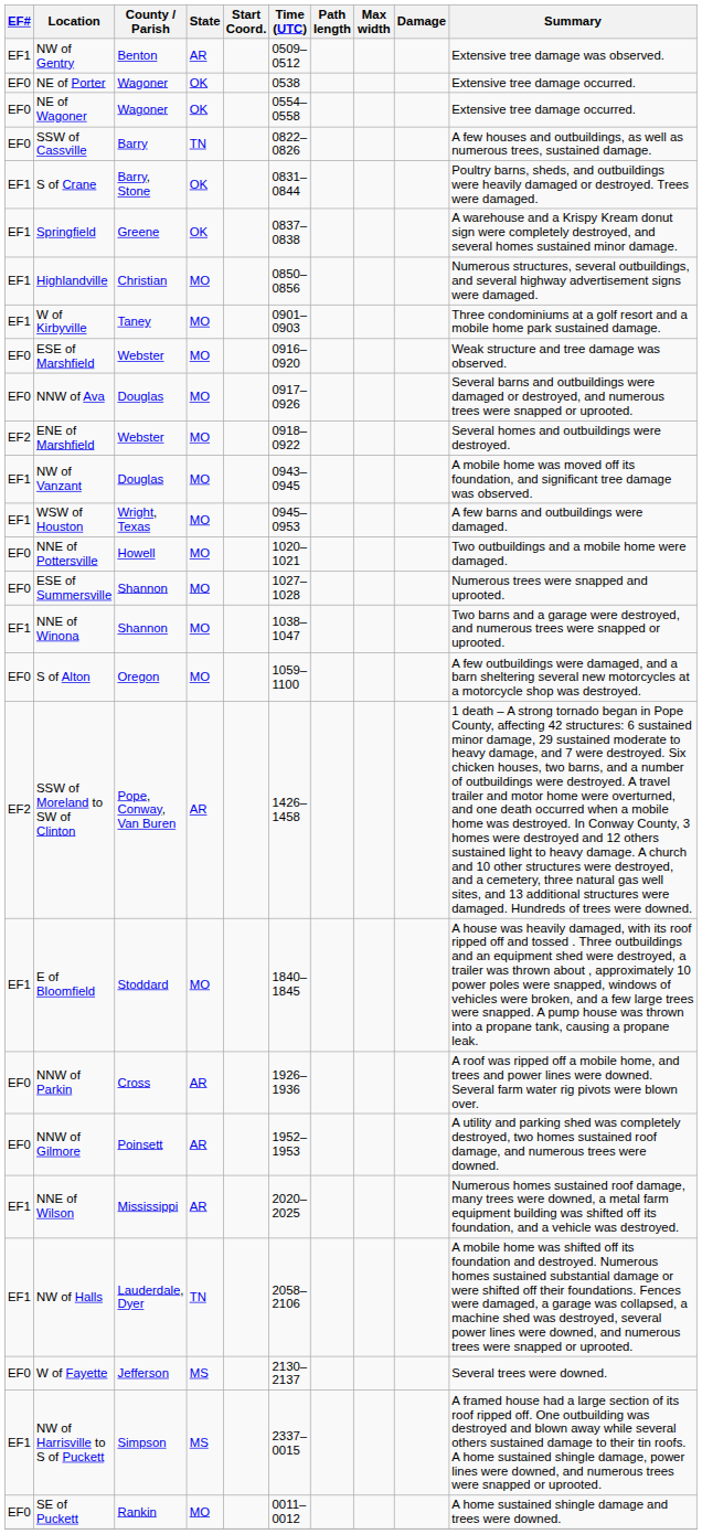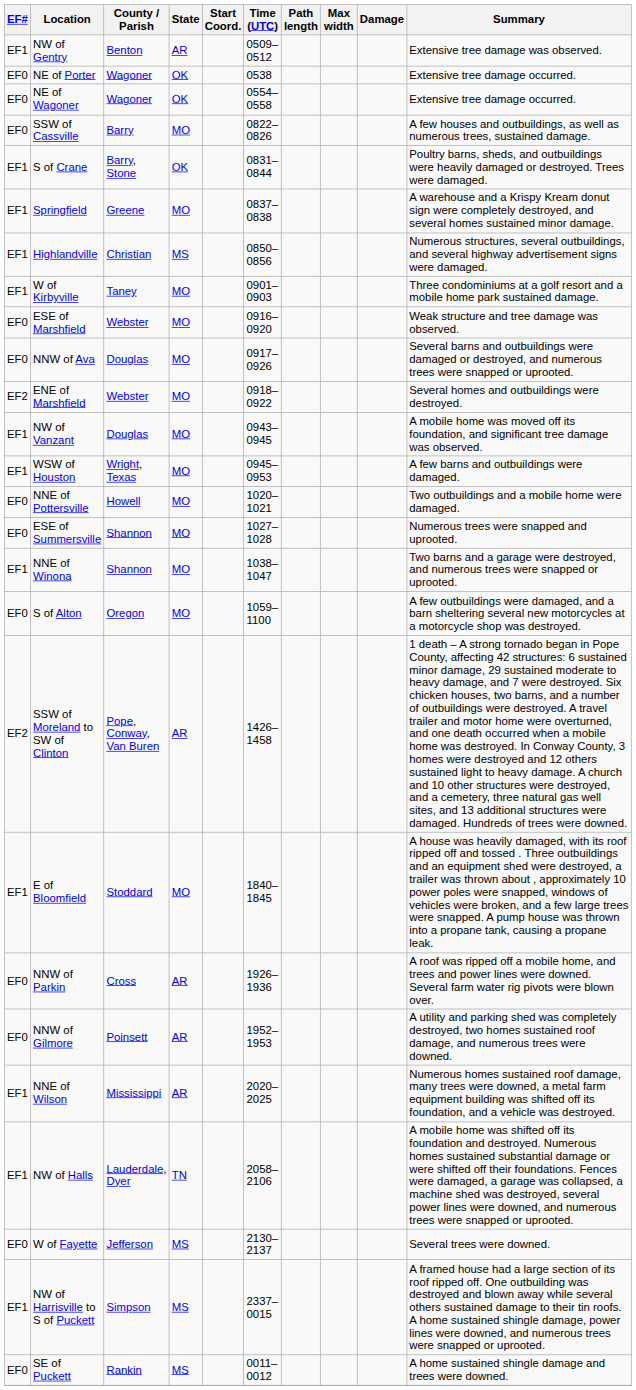 <table class="wikitable sortable" style="width:100%;">
 <tr>
 <th scope="col" width="3%" align="center"><a href='#'>EF#</a></th>
 <th scope="col" width="7%" align="center" class="unsortable">Location</th>
 <th scope="col" width="6%" align="center" class="unsortable">County / Parish</th>
 <th scope="col" width="5%" align="center">State</th>
 <th scope="col" width="6%" align="center">Start Coord.</th>
 <th scope="col" width="6%" align="center">Time (<a href='#'>UTC</a>)</th>
 <th scope="col" width="6%" align="center">Path length</th>
 <th scope="col" width="6%" align="center">Max width</th>
 <th scope="col" width="6%" align="center">Damage</th>
 <th scope="col" width="48%" class="unsortable" align="center">Summary</th>
 </tr>
 <tr>
 <td>EF1</td>
 <td>NW of <a href='#'>Gentry</a></td>
 <td><a href='#'>Benton</a></td>
 <td><a href='#'>AR</a></td>
 <td></td>
 <td>0509–0512</td>
 <td></td>
 <td></td>
 <td></td>
 <td>Extensive tree damage was observed.</td>
 </tr>
 <tr>
 <td>EF0</td>
 <td>NE of <a href='#'>Porter</a></td>
 <td><a href='#'>Wagoner</a></td>
 <td><a href='#'>OK</a></td>
 <td></td>
 <td>0538</td>
 <td></td>
 <td></td>
 <td></td>
 <td>Extensive tree damage occurred.</td>
 </tr>
 <tr>
 <td>EF0</td>
 <td>NE of <a href='#'>Wagoner</a></td>
 <td><a href='#'>Wagoner</a></td>
 <td><a href='#'>OK</a></td>
 <td></td>
 <td>0554–0558</td>
 <td></td>
 <td></td>
 <td></td>
 <td>Extensive tree damage occurred.</td>
 </tr>
 <tr>
 <td>EF0</td>
 <td>SSW of <a href='#'>Cassville</a></td>
 <td><a href='#'>Barry</a></td>
-<td><a href='#'>TN</a></td>
+<td><a href='#'>MO</a></td>
 <td></td>
 <td>0822–0826</td>
 <td></td>
 <td></td>
 <td></td>
 <td>A few houses and outbuildings, as well as numerous trees, sustained damage.</td>
 </tr>
 <tr>
 <td>EF1</td>
 <td>S of <a href='#'>Crane</a></td>
 <td><a href='#'>Barry</a>, <a href='#'>Stone</a></td>
 <td><a href='#'>OK</a></td>
 <td></td>
 <td>0831–0844</td>
 <td></td>
 <td></td>
 <td></td>
 <td>Poultry barns, sheds, and outbuildings were heavily damaged or destroyed. Trees were damaged.</td>
 </tr>
 <tr>
 <td>EF1</td>
 <td><a href='#'>Springfield</a></td>
 <td><a href='#'>Greene</a></td>
-<td><a href='#'>OK</a></td>
+<td><a href='#'>MO</a></td>
 <td></td>
 <td>0837–0838</td>
 <td></td>
 <td></td>
 <td></td>
 <td>A warehouse and a Krispy Kream donut sign were completely destroyed, and several homes sustained minor damage.</td>
 </tr>
 <tr>
 <td>EF1</td>
 <td><a href='#'>Highlandville</a></td>
 <td><a href='#'>Christian</a></td>
-<td><a href='#'>MO</a></td>
+<td><a href='#'>MS</a></td>
 <td></td>
 <td>0850–0856</td>
 <td></td>
 <td></td>
 <td></td>
 <td>Numerous structures, several outbuildings, and several highway advertisement signs were damaged.</td>
 </tr>
 <tr>
 <td>EF1</td>
 <td>W of <a href='#'>Kirbyville</a></td>
 <td><a href='#'>Taney</a></td>
 <td><a href='#'>MO</a></td>
 <td></td>
 <td>0901–0903</td>
 <td></td>
 <td></td>
 <td></td>
 <td>Three condominiums at a golf resort and a mobile home park sustained damage.</td>
 </tr>
 <tr>
 <td>EF0</td>
 <td>ESE of <a href='#'>Marshfield</a></td>
 <td><a href='#'>Webster</a></td>
 <td><a href='#'>MO</a></td>
 <td></td>
 <td>0916–0920</td>
 <td></td>
 <td></td>
 <td></td>
 <td>Weak structure and tree damage was observed.</td>
 </tr>
 <tr>
 <td>EF0</td>
 <td>NNW of <a href='#'>Ava</a></td>
 <td><a href='#'>Douglas</a></td>
 <td><a href='#'>MO</a></td>
 <td></td>
 <td>0917–0926</td>
 <td></td>
 <td></td>
 <td></td>
 <td>Several barns and outbuildings were damaged or destroyed, and numerous trees were snapped or uprooted.</td>
 </tr>
 <tr>
 <td>EF2</td>
 <td>ENE of <a href='#'>Marshfield</a></td>
 <td><a href='#'>Webster</a></td>
 <td><a href='#'>MO</a></td>
 <td></td>
 <td>0918–0922</td>
 <td></td>
 <td></td>
 <td></td>
 <td>Several homes and outbuildings were destroyed.</td>
 </tr>
 <tr>
 <td>EF1</td>
 <td>NW of <a href='#'>Vanzant</a></td>
 <td><a href='#'>Douglas</a></td>
 <td><a href='#'>MO</a></td>
 <td></td>
 <td>0943–0945</td>
 <td></td>
 <td></td>
 <td></td>
 <td>A mobile home was moved off its foundation, and significant tree damage was observed.</td>
 </tr>
 <tr>
 <td>EF1</td>
 <td>WSW of <a href='#'>Houston</a></td>
 <td><a href='#'>Wright</a>, <a href='#'>Texas</a></td>
 <td><a href='#'>MO</a></td>
 <td></td>
 <td>0945–0953</td>
 <td></td>
 <td></td>
 <td></td>
 <td>A few barns and outbuildings were damaged.</td>
 </tr>
 <tr>
 <td>EF0</td>
 <td>NNE of <a href='#'>Pottersville</a></td>
 <td><a href='#'>Howell</a></td>
 <td><a href='#'>MO</a></td>
 <td></td>
 <td>1020–1021</td>
 <td></td>
 <td></td>
 <td></td>
 <td>Two outbuildings and a mobile home were damaged.</td>
 </tr>
 <tr>
 <td>EF0</td>
 <td>ESE of <a href='#'>Summersville</a></td>
 <td><a href='#'>Shannon</a></td>
 <td><a href='#'>MO</a></td>
 <td></td>
 <td>1027–1028</td>
 <td></td>
 <td></td>
 <td></td>
 <td>Numerous trees were snapped and uprooted.</td>
 </tr>
 <tr>
 <td>EF1</td>
 <td>NNE of <a href='#'>Winona</a></td>
 <td><a href='#'>Shannon</a></td>
 <td><a href='#'>MO</a></td>
 <td></td>
 <td>1038–1047</td>
 <td></td>
 <td></td>
 <td></td>
 <td>Two barns and a garage were destroyed, and numerous trees were snapped or uprooted.</td>
 </tr>
 <tr>
 <td>EF0</td>
 <td>S of <a href='#'>Alton</a></td>
 <td><a href='#'>Oregon</a></td>
 <td><a href='#'>MO</a></td>
 <td></td>
 <td>1059–1100</td>
 <td></td>
 <td></td>
 <td></td>
 <td>A few outbuildings were damaged, and a barn sheltering several new motorcycles at a motorcycle shop was destroyed.</td>
 </tr>
 <tr>
 <td>EF2</td>
 <td>SSW of <a href='#'>Moreland</a> to SW of <a href='#'>Clinton</a></td>
 <td><a href='#'>Pope</a>, <a href='#'>Conway</a>, <a href='#'>Van Buren</a></td>
 <td><a href='#'>AR</a></td>
 <td></td>
 <td>1426–1458</td>
 <td></td>
 <td></td>
 <td></td>
 <td>1 death – A strong tornado began in Pope County, affecting 42 structures: 6 sustained minor damage, 29 sustained moderate to heavy damage, and 7 were destroyed. Six chicken houses, two barns, and a number of outbuildings were destroyed. A travel trailer and motor home were overturned, and one death occurred when a mobile home was destroyed. In Conway County, 3 homes were destroyed and 12 others sustained light to heavy damage. A church and 10 other structures were destroyed, and a cemetery, three natural gas well sites, and 13 additional structures were damaged. Hundreds of trees were downed.<br></td>
 </tr>
 <tr>
 <td>EF1</td>
 <td>E of <a href='#'>Bloomfield</a></td>
 <td><a href='#'>Stoddard</a></td>
 <td><a href='#'>MO</a></td>
 <td></td>
 <td>1840–1845</td>
 <td></td>
 <td></td>
 <td></td>
 <td>A house was heavily damaged, with its roof ripped off and tossed . Three outbuildings and an equipment shed were destroyed, a trailer was thrown about , approximately 10 power poles were snapped, windows of vehicles were broken, and a few large trees were snapped. A pump house was thrown into a propane tank, causing a propane leak.</td>
 </tr>
 <tr>
 <td>EF0</td>
 <td>NNW of <a href='#'>Parkin</a></td>
 <td><a href='#'>Cross</a></td>
 <td><a href='#'>AR</a></td>
 <td></td>
 <td>1926–1936</td>
 <td></td>
 <td></td>
 <td></td>
 <td>A roof was ripped off a mobile home, and trees and power lines were downed. Several farm water rig pivots were blown over.</td>
 </tr>
 <tr>
 <td>EF0</td>
 <td>NNW of <a href='#'>Gilmore</a></td>
 <td><a href='#'>Poinsett</a></td>
 <td><a href='#'>AR</a></td>
 <td></td>
 <td>1952–1953</td>
 <td></td>
 <td></td>
 <td></td>
 <td>A utility and parking shed was completely destroyed, two homes sustained roof damage, and numerous trees were downed.</td>
 </tr>
 <tr>
 <td>EF1</td>
 <td>NNE of <a href='#'>Wilson</a></td>
 <td><a href='#'>Mississippi</a></td>
 <td><a href='#'>AR</a></td>
 <td></td>
 <td>2020–2025</td>
 <td></td>
 <td></td>
 <td></td>
 <td>Numerous homes sustained roof damage, many trees were downed, a metal farm equipment building was shifted off its foundation, and a vehicle was destroyed.</td>
 </tr>
 <tr>
 <td>EF1</td>
 <td>NW of <a href='#'>Halls</a></td>
 <td><a href='#'>Lauderdale</a>, <a href='#'>Dyer</a></td>
 <td><a href='#'>TN</a></td>
 <td></td>
 <td>2058–2106</td>
 <td></td>
 <td></td>
 <td></td>
 <td>A mobile home was shifted off its foundation and destroyed. Numerous homes sustained substantial damage or were shifted off their foundations. Fences were damaged, a garage was collapsed, a machine shed was destroyed, several power lines were downed, and numerous trees were snapped or uprooted.</td>
 </tr>
 <tr>
 <td>EF0</td>
 <td>W of <a href='#'>Fayette</a></td>
 <td><a href='#'>Jefferson</a></td>
 <td><a href='#'>MS</a></td>
 <td></td>
 <td>2130–2137</td>
 <td></td>
 <td></td>
 <td></td>
 <td>Several trees were downed.</td>
 </tr>
 <tr>
 <td>EF1</td>
 <td>NW of <a href='#'>Harrisville</a> to S of <a href='#'>Puckett</a></td>
 <td><a href='#'>Simpson</a></td>
 <td><a href='#'>MS</a></td>
 <td></td>
 <td>2337–0015</td>
 <td></td>
 <td></td>
 <td></td>
 <td>A framed house had a large section of its roof ripped off. One outbuilding was destroyed and blown away while several others sustained damage to their tin roofs. A home sustained shingle damage, power lines were downed, and numerous trees were snapped or uprooted.</td>
 </tr>
 <tr>
 <td>EF0</td>
 <td>SE of <a href='#'>Puckett</a></td>
 <td><a href='#'>Rankin</a></td>
-<td><a href='#'>MO</a></td>
+<td><a href='#'>MS</a></td>
 <td></td>
 <td>0011–0012</td>
 <td></td>
 <td></td>
 <td></td>
 <td>A home sustained shingle damage and trees were downed.</td>
 </tr>
 <tr>
 </tr>
 </table>
